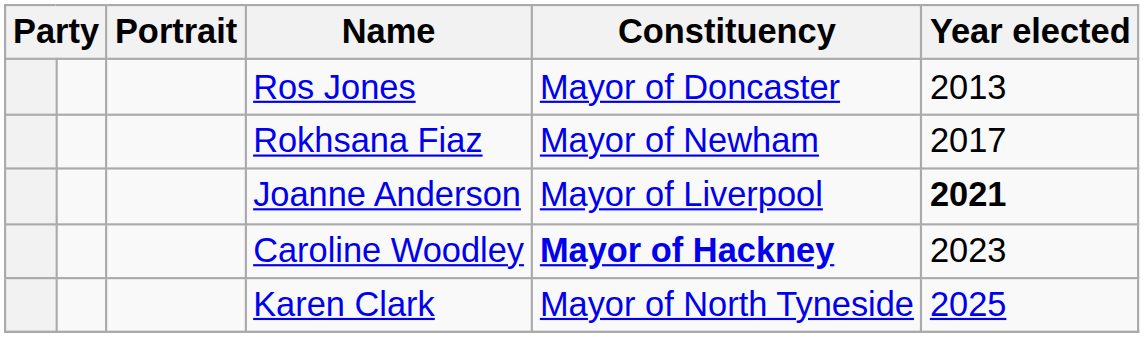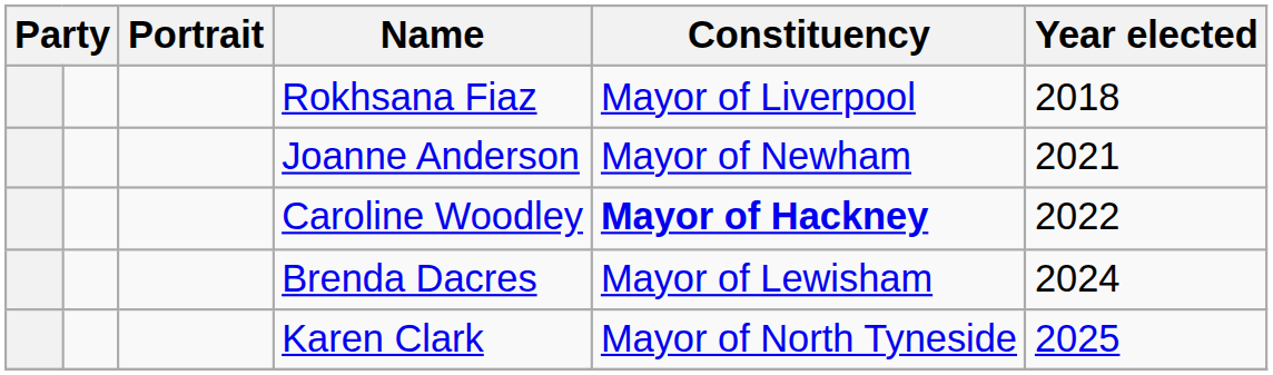 <table class="wikitable sortable">
 <tr>
 <th colspan="2">Party</th>
 <th>Portrait</th>
 <th>Name</th>
 <th>Constituency</th>
 <th>Year elected</th>
 </tr>
 <tr>
 <th style="background-color: "></th>
 <td></td>
 <td></td>
-<td><a href='#'>Ros Jones</a></td>
-<td><a href='#'>Mayor of Doncaster</a></td>
-<td>2013</td>
-</tr>
-<tr>
-<th style="background-color: "></th>
-<td></td>
-<td></td>
 <td><a href='#'>Rokhsana Fiaz</a></td>
-<td><a href='#'>Mayor of Newham</a></td>
-<td>2017</td>
+<td><a href='#'>Mayor of Liverpool</a></td>
+<td>2018</td>
 </tr>
 <tr>
 <th style="background-color: "></th>
 <td></td>
 <td></td>
 <td><a href='#'>Joanne Anderson</a></td>
-<td><a href='#'>Mayor of Liverpool</a></td>
-<td><strong>2021</strong></td>
+<td><a href='#'>Mayor of Newham</a></td>
+<td>2021</td>
 </tr>
 <tr>
 <th style="background-color: "></th>
 <td></td>
 <td></td>
 <td><a href='#'>Caroline Woodley</a></td>
 <td><strong><a href='#'>Mayor of Hackney</a></strong></td>
-<td>2023</td>
+<td>2022</td>
+</tr>
+<tr>
+<th style="background-color: "></th>
+<td></td>
+<td></td>
+<td><a href='#'>Brenda Dacres</a></td>
+<td><a href='#'>Mayor of Lewisham</a></td>
+<td>2024</td>
 </tr>
 <tr>
 <th style="background-color: "></th>
 <td></td>
 <td></td>
 <td><a href='#'>Karen Clark</a></td>
 <td><a href='#'>Mayor of North Tyneside</a></td>
 <td><a href='#'>2025</a></td>
 </tr>
 <tr>
 </tr>
 </table>
